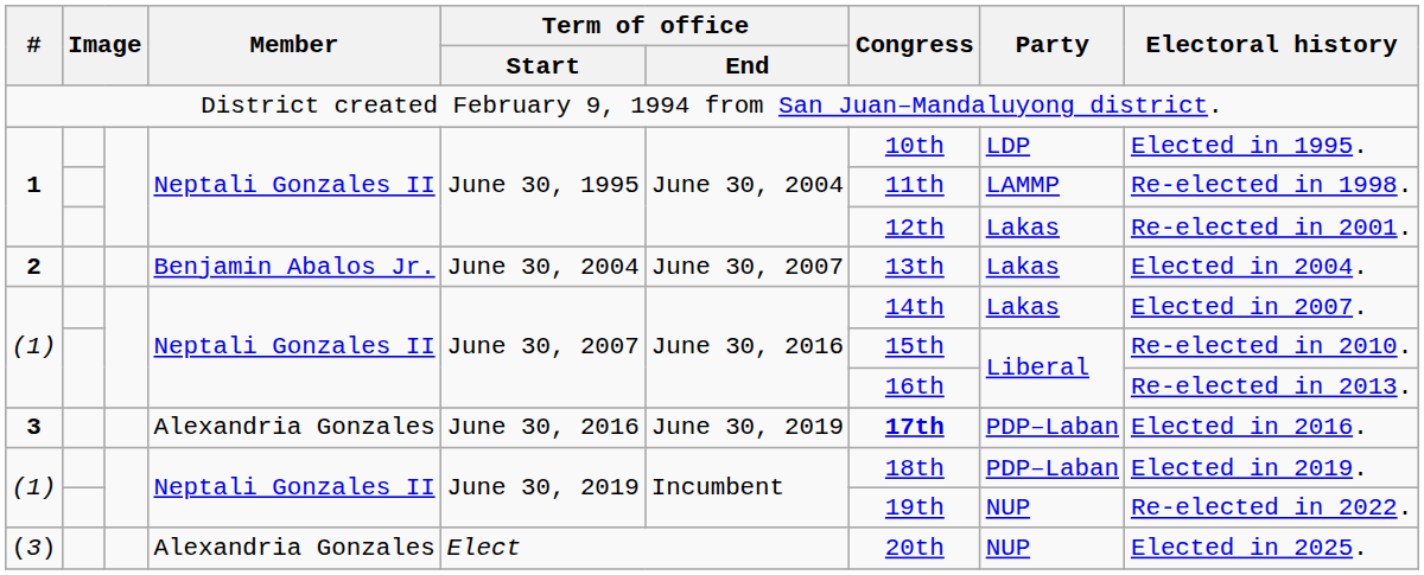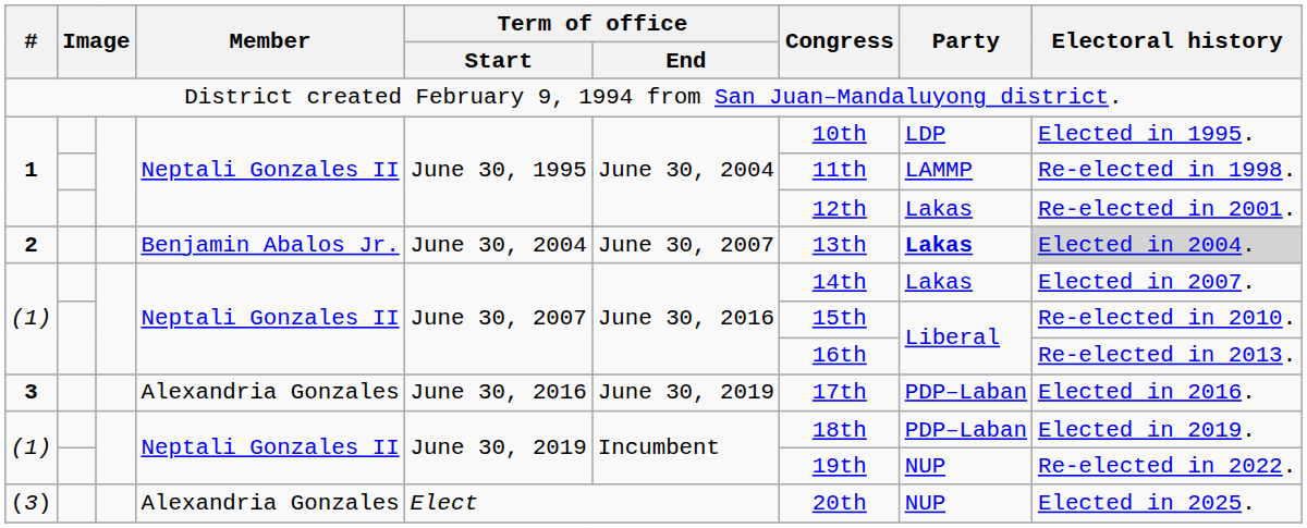 <table class="wikitable">
 <tr>
 <th rowspan="2">#</th>
 <th colspan="2" rowspan="2">Image</th>
 <th rowspan="2">Member</th>
 <th colspan="2">Term of office</th>
 <th rowspan="2">Congress</th>
 <th rowspan="2">Party</th>
 <th rowspan="2">Electoral history</th>
 </tr>
 <tr>
 <th>Start</th>
 <th>End</th>
 </tr>
 <tr>
 <td colspan="9" style="text-align:center;">District created February 9, 1994 from <a href='#'>San Juan–Mandaluyong district</a>.</td>
 </tr>
 <tr>
 <td rowspan="3" style="text-align:center;"><strong>1</strong></td>
 <td style="color:inherit;background:"></td>
 <td rowspan="3"></td>
 <td rowspan="3"><a href='#'>Neptali Gonzales II</a></td>
 <td rowspan="3">June 30, 1995</td>
 <td rowspan="3">June 30, 2004</td>
 <td style="text-align:center;"><a href='#'>10th</a></td>
 <td><a href='#'>LDP</a></td>
 <td><a href='#'>Elected in 1995</a>.</td>
 </tr>
 <tr>
 <td style="color:inherit;background:"></td>
 <td style="text-align:center;"><a href='#'>11th</a></td>
 <td><a href='#'>LAMMP</a></td>
 <td><a href='#'>Re-elected in 1998</a>.</td>
 </tr>
 <tr>
 <td style="color:inherit;background:"></td>
 <td style="text-align:center;"><a href='#'>12th</a></td>
 <td><a href='#'>Lakas</a></td>
 <td><a href='#'>Re-elected in 2001</a>.</td>
 </tr>
 <tr>
 <td style="text-align:center;"><strong>2</strong></td>
 <td style="color:inherit;background:"></td>
 <td></td>
 <td><a href='#'>Benjamin Abalos Jr.</a></td>
 <td>June 30, 2004</td>
 <td>June 30, 2007</td>
 <td style="text-align:center;"><a href='#'>13th</a></td>
-<td><a href='#'>Lakas</a></td>
-<td><a href='#'>Elected in 2004</a>.</td>
+<td><strong><a href='#'>Lakas</a></strong></td>
+<td style="background: lightgrey;"><a href='#'>Elected in 2004</a>.</td>
 </tr>
 <tr>
 <td rowspan="3" style="text-align:center;"><em>(1)</em></td>
 <td style="color:inherit;background:"></td>
 <td rowspan="3"></td>
 <td rowspan="3"><a href='#'>Neptali Gonzales II</a></td>
 <td rowspan="3">June 30, 2007</td>
 <td rowspan="3">June 30, 2016</td>
 <td style="text-align:center;"><a href='#'>14th</a></td>
 <td><a href='#'>Lakas</a></td>
 <td><a href='#'>Elected in 2007</a>.</td>
 </tr>
 <tr>
 <td rowspan="2" style="color:inherit;background:"></td>
 <td style="text-align:center;"><a href='#'>15th</a></td>
 <td rowspan="2"><a href='#'>Liberal</a></td>
 <td><a href='#'>Re-elected in 2010</a>.</td>
 </tr>
 <tr>
 <td style="text-align:center;"><a href='#'>16th</a></td>
 <td><a href='#'>Re-elected in 2013</a>.</td>
 </tr>
 <tr>
 <td style="text-align:center;"><strong>3</strong></td>
 <td style="color:inherit;background:"></td>
 <td></td>
 <td>Alexandria Gonzales</td>
 <td>June 30, 2016</td>
 <td>June 30, 2019</td>
-<td style="text-align:center;"><strong><a href='#'>17th</a></strong></td>
+<td style="text-align:center;"><a href='#'>17th</a></td>
 <td><a href='#'>PDP–Laban</a></td>
 <td><a href='#'>Elected in 2016</a>.</td>
 </tr>
 <tr>
 <td rowspan="2" style="text-align:center;"><em>(1)</em></td>
 <td style="color:inherit;background:"></td>
 <td rowspan="2"></td>
 <td rowspan="2"><a href='#'>Neptali Gonzales II</a></td>
 <td rowspan="2">June 30, 2019</td>
 <td rowspan="2">Incumbent</td>
 <td style="text-align:center;"><a href='#'>18th</a></td>
 <td><a href='#'>PDP–Laban</a></td>
 <td><a href='#'>Elected in 2019</a>.</td>
 </tr>
 <tr>
 <td style="color:inherit;background:"></td>
 <td style="text-align:center;"><a href='#'>19th</a></td>
 <td><a href='#'>NUP</a></td>
 <td><a href='#'>Re-elected in 2022</a>.</td>
 </tr>
 <tr>
 <td style="text-align:center;">(<em>3</em>)</td>
 <td style="color:inherit;background:"></td>
 <td></td>
 <td>Alexandria Gonzales<br></td>
 <td colspan=2><em>Elect</em></td>
 <td style="text-align:center;"><a href='#'>20th</a></td>
 <td><a href='#'>NUP</a></td>
 <td><a href='#'>Elected in 2025</a>.</td>
 </tr>
 </table>
